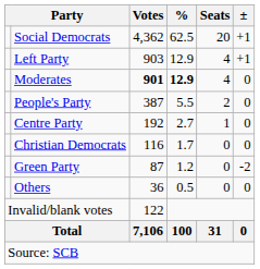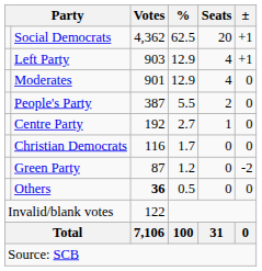 <table class=wikitable style=text-align:right>
 <tr>
 <th colspan=2>Party</th>
 <th>Votes</th>
 <th>%</th>
 <th>Seats</th>
 <th>±</th>
 </tr>
 <tr>
 <td bgcolor=></td>
 <td align=left><a href='#'>Social Democrats</a></td>
 <td>4,362</td>
 <td>62.5</td>
 <td>20</td>
 <td>+1</td>
 </tr>
 <tr>
 <td bgcolor=></td>
 <td align=left><a href='#'>Left Party</a></td>
 <td>903</td>
 <td>12.9</td>
 <td>4</td>
 <td>+1</td>
 </tr>
 <tr>
 <td bgcolor=></td>
 <td align=left><a href='#'>Moderates</a></td>
-<td><strong>901</strong></td>
-<td><strong>12.9</strong></td>
+<td>901</td>
+<td>12.9</td>
 <td>4</td>
 <td>0</td>
 </tr>
 <tr>
 <td bgcolor=></td>
 <td align=left><a href='#'>People's Party</a></td>
 <td>387</td>
 <td>5.5</td>
 <td>2</td>
 <td>0</td>
 </tr>
 <tr>
 <td bgcolor=></td>
 <td align=left><a href='#'>Centre Party</a></td>
 <td>192</td>
 <td>2.7</td>
 <td>1</td>
 <td>0</td>
 </tr>
 <tr>
 <td bgcolor=></td>
 <td align=left><a href='#'>Christian Democrats</a></td>
 <td>116</td>
 <td>1.7</td>
 <td>0</td>
 <td>0</td>
 </tr>
 <tr>
 <td bgcolor=></td>
 <td align=left><a href='#'>Green Party</a></td>
 <td>87</td>
 <td>1.2</td>
 <td>0</td>
 <td>-2</td>
 </tr>
 <tr>
 <td></td>
 <td align=left><a href='#'>Others</a></td>
-<td>36</td>
+<td><strong>36</strong></td>
 <td>0.5</td>
 <td>0</td>
 <td>0</td>
 </tr>
 <tr>
 <td align=left colspan=2>Invalid/blank votes</td>
 <td>122</td>
 <td colspan=3></td>
 </tr>
 <tr>
 <th align=left colspan=2>Total</th>
 <th>7,106</th>
 <th>100</th>
 <th>31</th>
 <th>0</th>
 </tr>
 <tr>
 <td align=left colspan=6>Source: <a href='#'>SCB</a></td>
 </tr>
 </table>
